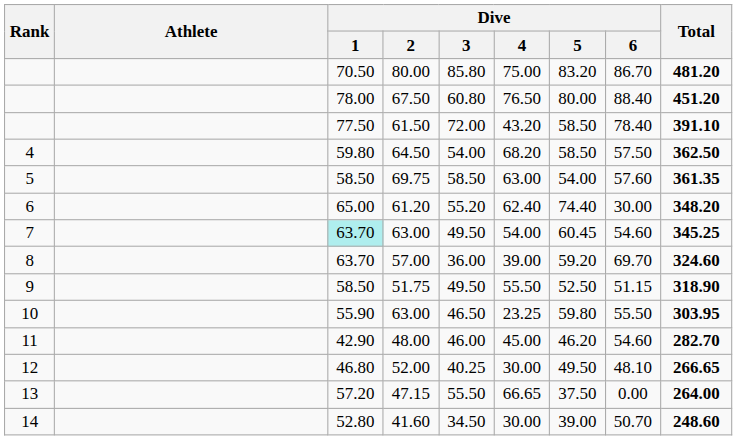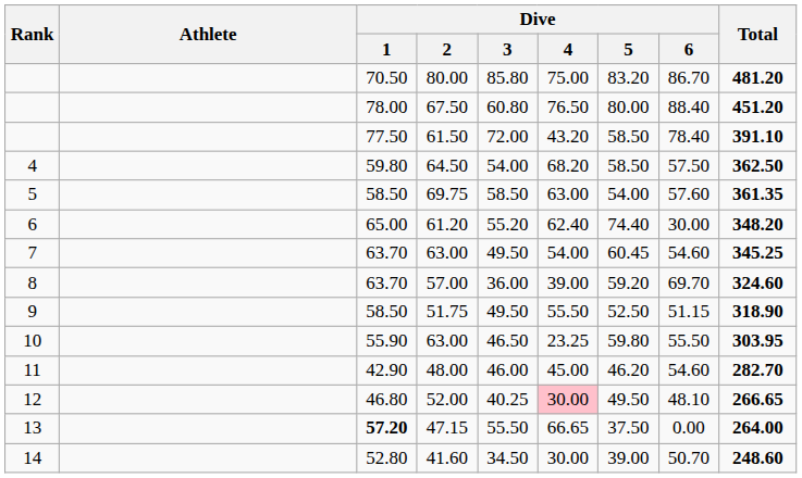 <table class=wikitable style="text-align:center">
 <tr>
 <th rowspan="2" width=40>Rank</th>
 <th rowspan="2" width=250>Athlete</th>
 <th colspan="6">Dive</th>
 <th rowspan="2" width=60>Total</th>
 </tr>
 <tr>
 <th width=45>1</th>
 <th width=45>2</th>
 <th width=45>3</th>
 <th width=45>4</th>
 <th width=45>5</th>
 <th width=45>6</th>
 </tr>
 <tr>
 <td></td>
 <td align=left></td>
 <td>70.50</td>
 <td>80.00</td>
 <td>85.80</td>
 <td>75.00</td>
 <td>83.20</td>
 <td>86.70</td>
 <td><strong>481.20</strong></td>
 </tr>
 <tr>
 <td></td>
 <td align=left></td>
 <td>78.00</td>
 <td>67.50</td>
 <td>60.80</td>
 <td>76.50</td>
 <td>80.00</td>
 <td>88.40</td>
 <td><strong>451.20</strong></td>
 </tr>
 <tr>
 <td></td>
 <td align=left></td>
 <td>77.50</td>
 <td>61.50</td>
 <td>72.00</td>
 <td>43.20</td>
 <td>58.50</td>
 <td>78.40</td>
 <td><strong>391.10</strong></td>
 </tr>
 <tr>
 <td>4</td>
 <td align=left></td>
 <td>59.80</td>
 <td>64.50</td>
 <td>54.00</td>
 <td>68.20</td>
 <td>58.50</td>
 <td>57.50</td>
 <td><strong>362.50</strong></td>
 </tr>
 <tr>
 <td>5</td>
 <td align=left></td>
 <td>58.50</td>
 <td>69.75</td>
 <td>58.50</td>
 <td>63.00</td>
 <td>54.00</td>
 <td>57.60</td>
 <td><strong>361.35</strong></td>
 </tr>
 <tr>
 <td>6</td>
 <td align=left></td>
 <td>65.00</td>
 <td>61.20</td>
 <td>55.20</td>
 <td>62.40</td>
 <td>74.40</td>
 <td>30.00</td>
 <td><strong>348.20</strong></td>
 </tr>
 <tr>
 <td>7</td>
 <td align=left></td>
-<td style="background: paleturquoise;">63.70</td>
+<td>63.70</td>
 <td>63.00</td>
 <td>49.50</td>
 <td>54.00</td>
 <td>60.45</td>
 <td>54.60</td>
 <td><strong>345.25</strong></td>
 </tr>
 <tr>
 <td>8</td>
 <td align=left></td>
 <td>63.70</td>
 <td>57.00</td>
 <td>36.00</td>
 <td>39.00</td>
 <td>59.20</td>
 <td>69.70</td>
 <td><strong>324.60</strong></td>
 </tr>
 <tr>
 <td>9</td>
 <td align=left></td>
 <td>58.50</td>
 <td>51.75</td>
 <td>49.50</td>
 <td>55.50</td>
 <td>52.50</td>
 <td>51.15</td>
 <td><strong>318.90</strong></td>
 </tr>
 <tr>
 <td>10</td>
 <td align=left></td>
 <td>55.90</td>
 <td>63.00</td>
 <td>46.50</td>
 <td>23.25</td>
 <td>59.80</td>
 <td>55.50</td>
 <td><strong>303.95</strong></td>
 </tr>
 <tr>
 <td>11</td>
 <td align=left></td>
 <td>42.90</td>
 <td>48.00</td>
 <td>46.00</td>
 <td>45.00</td>
 <td>46.20</td>
 <td>54.60</td>
 <td><strong>282.70</strong></td>
 </tr>
 <tr>
 <td>12</td>
 <td align=left></td>
 <td>46.80</td>
 <td>52.00</td>
 <td>40.25</td>
-<td>30.00</td>
+<td style="background: pink;">30.00</td>
 <td>49.50</td>
 <td>48.10</td>
 <td><strong>266.65</strong></td>
 </tr>
 <tr>
 <td>13</td>
 <td align=left></td>
-<td>57.20</td>
+<td><strong>57.20</strong></td>
 <td>47.15</td>
 <td>55.50</td>
 <td>66.65</td>
 <td>37.50</td>
 <td>0.00</td>
 <td><strong>264.00</strong></td>
 </tr>
 <tr>
 <td>14</td>
 <td align=left></td>
 <td>52.80</td>
 <td>41.60</td>
 <td>34.50</td>
 <td>30.00</td>
 <td>39.00</td>
 <td>50.70</td>
 <td><strong>248.60</strong></td>
 </tr>
 </table>
